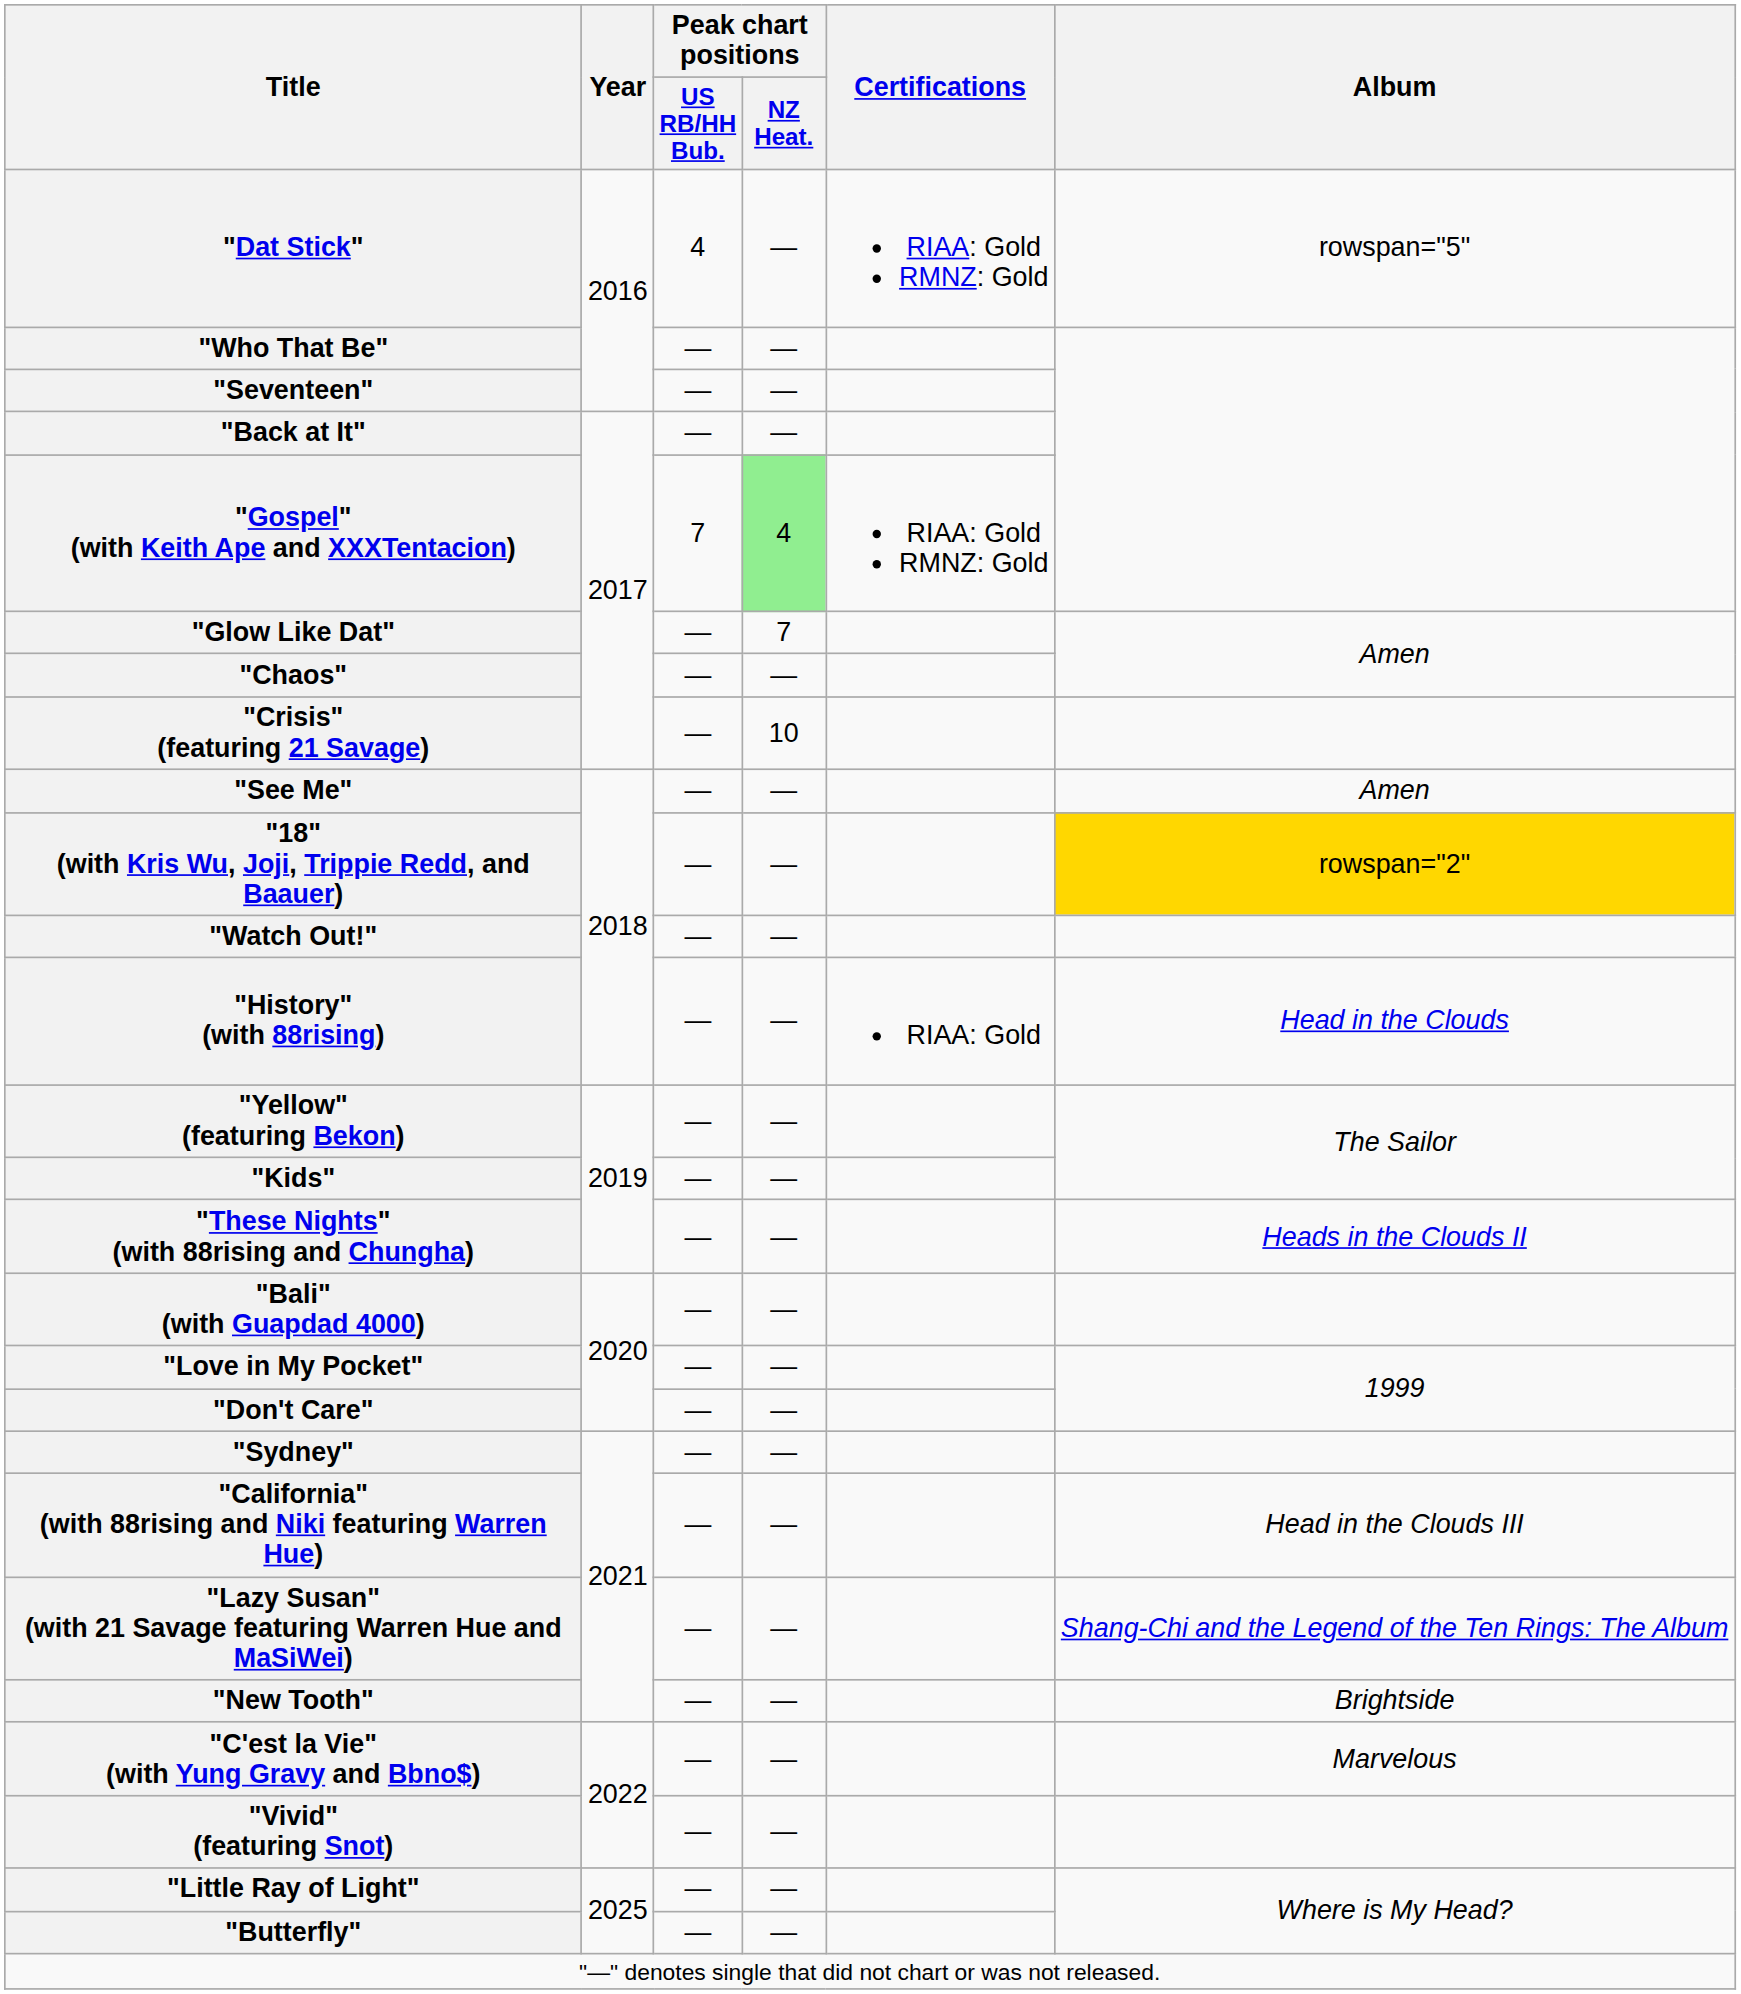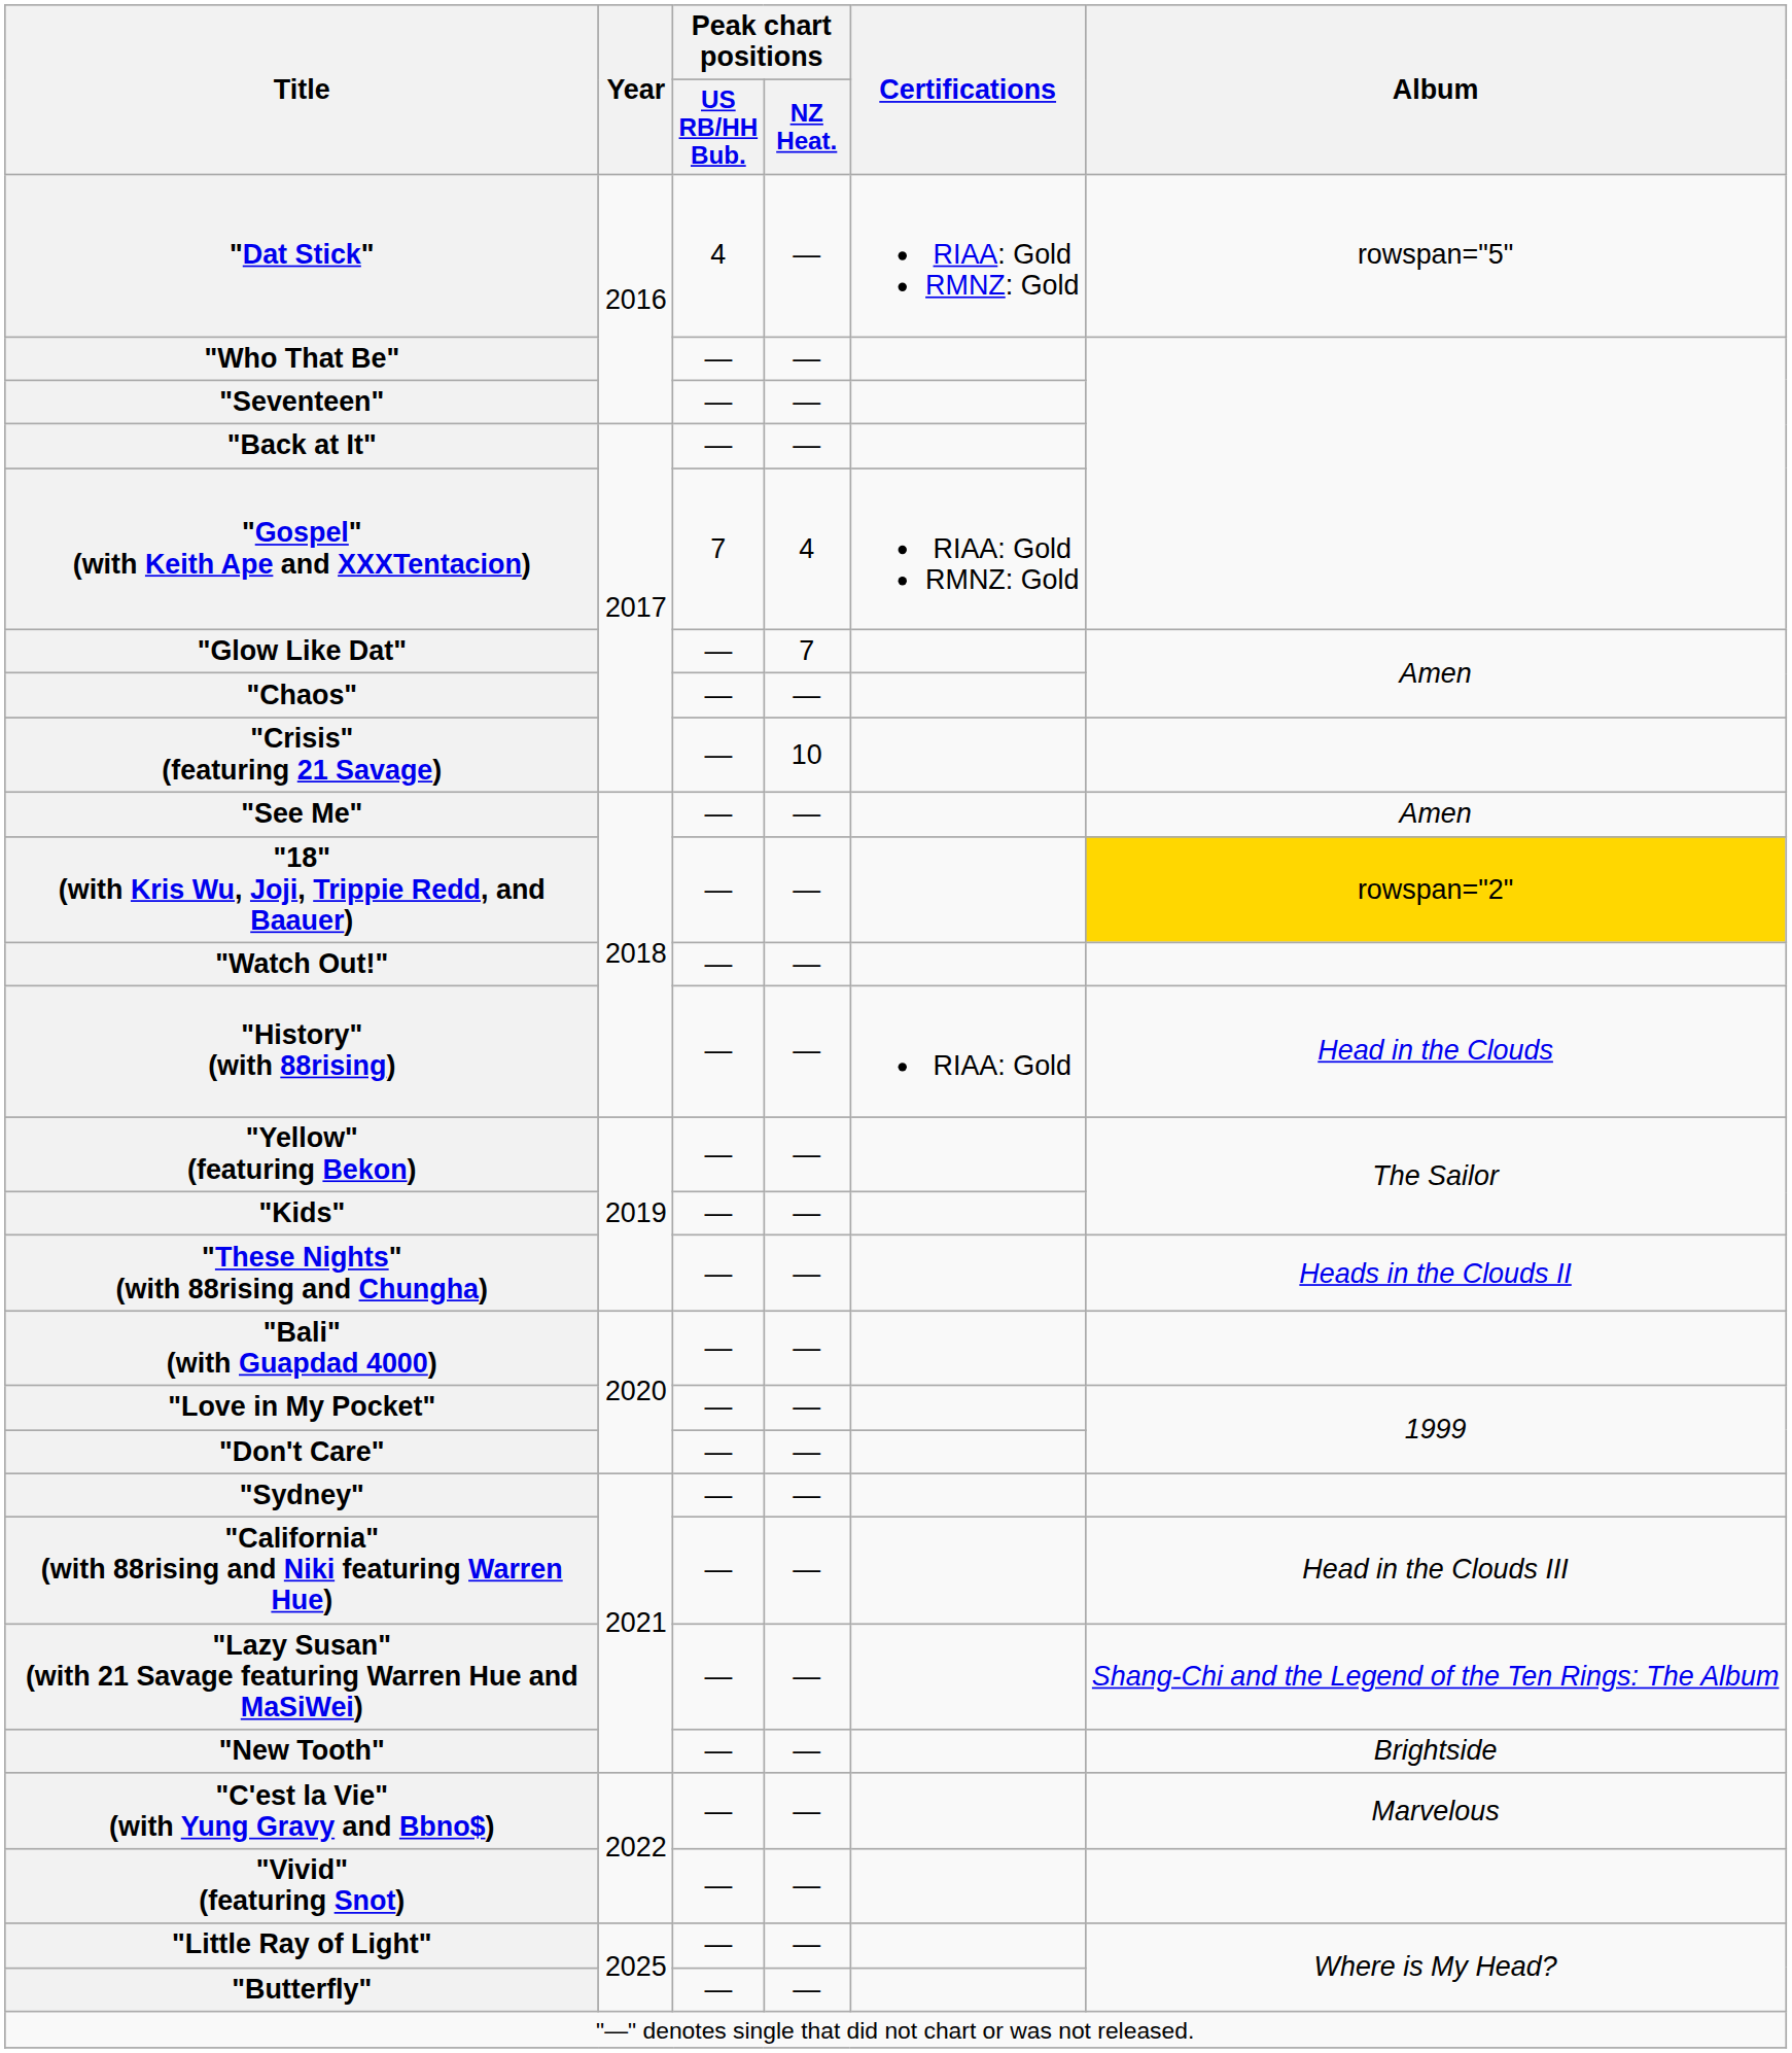 <table class="wikitable plainrowheaders" style="text-align:center;">
 <tr>
 <th scope="col" rowspan="2" style="width:21em;">Title</th>
 <th scope="col" rowspan="2" style="width:1em;">Year</th>
 <th scope="col" colspan="2">Peak chart positions</th>
 <th scope="col" rowspan="2"><a href='#'>Certifications</a></th>
 <th scope="col" rowspan="2">Album</th>
 </tr>
 <tr>
 <th scope="col" style="width:3em;font-size:90%;"><a href='#'>US<br>RB/HH<br>Bub.</a><br></th>
 <th scope="col" style="width:3em;font-size:90%;"><a href='#'>NZ Heat.</a><br></th>
 </tr>
 <tr>
 <th scope="row">"<a href='#'>Dat Stick</a>"</th>
 <td rowspan="3">2016</td>
 <td>4</td>
 <td>—</td>
 <td><br><ul><li><a href='#'>RIAA</a>: Gold</li><li><a href='#'>RMNZ</a>: Gold</li></ul></td>
 <td>rowspan="5" </td>
 </tr>
 <tr>
 <th scope="row">"Who That Be"</th>
 <td>—</td>
 <td>—</td>
 <td></td>
 </tr>
 <tr>
 <th scope="row">"Seventeen"</th>
 <td>—</td>
 <td>—</td>
 <td></td>
 </tr>
 <tr>
 <th scope="row">"Back at It"</th>
 <td rowspan="5">2017</td>
 <td>—</td>
 <td>—</td>
 <td></td>
 </tr>
 <tr>
 <th scope="row">"<a href='#'>Gospel</a>"<br><span>(with <a href='#'>Keith Ape</a> and <a href='#'>XXXTentacion</a>)</span></th>
 <td>7</td>
-<td style="background: lightgreen;">4</td>
+<td>4</td>
 <td><br><ul><li>RIAA: Gold</li><li>RMNZ: Gold</li></ul></td>
 </tr>
 <tr>
 <th scope="row">"Glow Like Dat"</th>
 <td>—</td>
 <td>7</td>
 <td></td>
 <td rowspan="2"><em>Amen</em></td>
 </tr>
 <tr>
 <th scope="row">"Chaos"</th>
 <td>—</td>
 <td>—</td>
 <td></td>
 </tr>
 <tr>
 <th scope="row">"Crisis"<br><span>(featuring <a href='#'>21 Savage</a>)</span></th>
 <td>—</td>
 <td>10</td>
 <td></td>
 <td></td>
 </tr>
 <tr>
 <th scope="row">"See Me"</th>
 <td rowspan="4">2018</td>
 <td>—</td>
 <td>—</td>
 <td></td>
 <td><em>Amen</em></td>
 </tr>
 <tr>
 <th scope="row">"18"<br><span>(with <a href='#'>Kris Wu</a>, <a href='#'>Joji</a>, <a href='#'>Trippie Redd</a>, and <a href='#'>Baauer</a>)</span></th>
 <td>—</td>
 <td>—</td>
 <td></td>
 <td style="background: gold;">rowspan="2" </td>
 </tr>
 <tr>
 <th scope="row">"Watch Out!"</th>
 <td>—</td>
 <td>—</td>
 <td></td>
 </tr>
 <tr>
 <th scope="row">"History"<br><span>(with <a href='#'>88rising</a>)</span></th>
 <td>—</td>
 <td>—</td>
 <td><br><ul><li>RIAA: Gold</li></ul></td>
 <td><em><a href='#'>Head in the Clouds</a></em></td>
 </tr>
 <tr>
 <th scope="row">"Yellow"<br><span>(featuring <a href='#'>Bekon</a>)</span></th>
 <td rowspan="3">2019</td>
 <td>—</td>
 <td>—</td>
 <td></td>
 <td rowspan="2"><em>The Sailor</em></td>
 </tr>
 <tr>
 <th scope="row">"Kids"</th>
 <td>—</td>
 <td>—</td>
 <td></td>
 </tr>
 <tr>
 <th scope="row">"<a href='#'>These Nights</a>"<br><span>(with 88rising and <a href='#'>Chungha</a>)</span></th>
 <td>—</td>
 <td>—</td>
 <td></td>
 <td><em><a href='#'>Heads in the Clouds II</a></em></td>
 </tr>
 <tr>
 <th scope="row">"Bali"<br><span>(with <a href='#'>Guapdad 4000</a>)</span></th>
 <td rowspan="3">2020</td>
 <td>—</td>
 <td>—</td>
 <td></td>
 <td></td>
 </tr>
 <tr>
 <th scope="row">"Love in My Pocket"</th>
 <td>—</td>
 <td>—</td>
 <td></td>
 <td rowspan="2"><em>1999</em></td>
 </tr>
 <tr>
 <th scope="row">"Don't Care"</th>
 <td>—</td>
 <td>—</td>
 <td></td>
 </tr>
 <tr>
 <th scope="row">"Sydney"</th>
 <td rowspan="4">2021</td>
 <td>—</td>
 <td>—</td>
 <td></td>
 <td></td>
 </tr>
 <tr>
 <th scope="row">"California"<br><span>(with 88rising and <a href='#'>Niki</a> featuring <a href='#'>Warren Hue</a>)</span></th>
 <td>—</td>
 <td>—</td>
 <td></td>
 <td><em>Head in the Clouds III</em></td>
 </tr>
 <tr>
 <th scope="row">"Lazy Susan"<br><span>(with 21 Savage featuring Warren Hue and <a href='#'>MaSiWei</a>)</span></th>
 <td>—</td>
 <td>—</td>
 <td></td>
 <td><em><a href='#'>Shang-Chi and the Legend of the Ten Rings: The Album</a></em></td>
 </tr>
 <tr>
 <th scope="row">"New Tooth"</th>
 <td>—</td>
 <td>—</td>
 <td></td>
 <td><em>Brightside</em></td>
 </tr>
 <tr>
 <th scope="row">"C'est la Vie"<br><span>(with <a href='#'>Yung Gravy</a> and <a href='#'>Bbno$</a>)</span></th>
 <td rowspan="2">2022</td>
 <td>—</td>
 <td>—</td>
 <td></td>
 <td><em>Marvelous</em></td>
 </tr>
 <tr>
 <th scope="row">"Vivid"<br><span>(featuring <a href='#'>Snot</a>)</span></th>
 <td>—</td>
 <td>—</td>
 <td></td>
 <td></td>
 </tr>
 <tr>
 <th scope="row">"Little Ray of Light"</th>
 <td rowspan="2">2025</td>
 <td>—</td>
 <td>—</td>
 <td></td>
 <td rowspan="2"><em>Where is My Head?</em></td>
 </tr>
 <tr>
 <th scope="row">"Butterfly"</th>
 <td>—</td>
 <td>—</td>
 <td></td>
 </tr>
 <tr>
 <td colspan="6" style="font-size:85%">"—" denotes single that did not chart or was not released.</td>
 </tr>
 </table>
